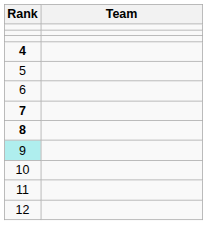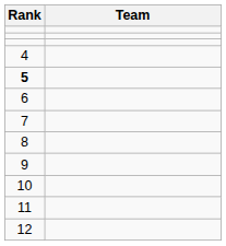 <table class="wikitable" style="text-align:center">
 <tr>
 <th width=20>Rank</th>
 <th width=200>Team</th>
 </tr>
 <tr>
 <td></td>
 <td style="text-align:left;"></td>
 </tr>
 <tr>
 <td></td>
 <td style="text-align:left;"></td>
 </tr>
 <tr>
 <td></td>
 <td style="text-align:left;"></td>
 </tr>
 <tr>
-<td><strong>4</strong></td>
+<td>4</td>
 <td style="text-align:left;"></td>
 </tr>
 <tr>
-<td>5</td>
+<td><strong>5</strong></td>
 <td style="text-align:left;"></td>
 </tr>
 <tr>
 <td>6</td>
 <td style="text-align:left;"></td>
 </tr>
 <tr>
-<td><strong>7</strong></td>
+<td>7</td>
 <td style="text-align:left;"></td>
 </tr>
 <tr>
-<td><strong>8</strong></td>
+<td>8</td>
 <td style="text-align:left;"></td>
 </tr>
 <tr>
-<td style="background: paleturquoise;">9</td>
+<td>9</td>
 <td style="text-align:left;"></td>
 </tr>
 <tr>
 <td>10</td>
 <td style="text-align:left;"></td>
 </tr>
 <tr>
 <td>11</td>
 <td style="text-align:left;"></td>
 </tr>
 <tr>
 <td>12</td>
 <td style="text-align:left;"></td>
 </tr>
 </table>
